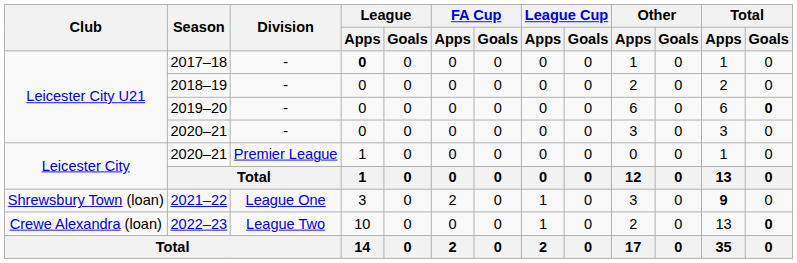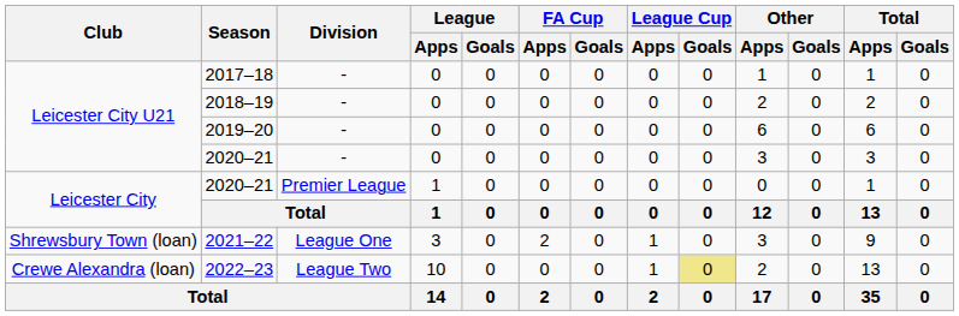 <table class="wikitable" style="text-align:center;">
 <tr>
 <th rowspan="2">Club</th>
 <th rowspan="2">Season</th>
 <th rowspan="2">Division</th>
 <th colspan="2">League</th>
 <th colspan="2"><a href='#'>FA Cup</a></th>
 <th colspan="2"><a href='#'>League Cup</a></th>
 <th colspan="2">Other</th>
 <th colspan="2">Total</th>
 </tr>
 <tr>
 <th>Apps</th>
 <th>Goals</th>
 <th>Apps</th>
 <th>Goals</th>
 <th>Apps</th>
 <th>Goals</th>
 <th>Apps</th>
 <th>Goals</th>
 <th>Apps</th>
 <th>Goals</th>
 </tr>
 <tr>
 <td rowspan="4"><a href='#'>Leicester City U21</a></td>
 <td>2017–18</td>
 <td>-</td>
-<td><strong>0</strong></td>
+<td>0</td>
 <td>0</td>
 <td>0</td>
 <td>0</td>
 <td>0</td>
 <td>0</td>
 <td>1</td>
 <td>0</td>
 <td>1</td>
 <td>0</td>
 </tr>
 <tr>
 <td>2018–19</td>
 <td>-</td>
 <td>0</td>
 <td>0</td>
 <td>0</td>
 <td>0</td>
 <td>0</td>
 <td>0</td>
 <td>2</td>
 <td>0</td>
 <td>2</td>
 <td>0</td>
 </tr>
 <tr>
 <td>2019–20</td>
 <td>-</td>
 <td>0</td>
 <td>0</td>
 <td>0</td>
 <td>0</td>
 <td>0</td>
 <td>0</td>
 <td>6</td>
 <td>0</td>
 <td>6</td>
-<td><strong>0</strong></td>
+<td>0</td>
 </tr>
 <tr>
 <td>2020–21</td>
 <td>-</td>
 <td>0</td>
 <td>0</td>
 <td>0</td>
 <td>0</td>
 <td>0</td>
 <td>0</td>
 <td>3</td>
 <td>0</td>
 <td>3</td>
 <td>0</td>
 </tr>
 <tr>
 <td rowspan="2"><a href='#'>Leicester City</a></td>
 <td>2020–21</td>
 <td><a href='#'>Premier League</a></td>
 <td>1</td>
 <td>0</td>
 <td>0</td>
 <td>0</td>
 <td>0</td>
 <td>0</td>
 <td>0</td>
 <td>0</td>
 <td>1</td>
 <td>0</td>
 </tr>
 <tr>
 <th colspan="2">Total</th>
 <th>1</th>
 <th>0</th>
 <th>0</th>
 <th>0</th>
 <th>0</th>
 <th>0</th>
 <th>12</th>
 <th>0</th>
 <th>13</th>
 <th>0</th>
 </tr>
 <tr>
 <td><a href='#'>Shrewsbury Town</a> (loan)</td>
 <td><a href='#'>2021–22</a></td>
 <td><a href='#'>League One</a></td>
 <td>3</td>
 <td>0</td>
 <td>2</td>
 <td>0</td>
 <td>1</td>
 <td>0</td>
 <td>3</td>
 <td>0</td>
-<td><strong>9</strong></td>
+<td>9</td>
 <td>0</td>
 </tr>
 <tr>
 <td><a href='#'>Crewe Alexandra</a> (loan)</td>
 <td><a href='#'>2022–23</a></td>
 <td><a href='#'>League Two</a></td>
 <td>10</td>
 <td>0</td>
 <td>0</td>
 <td>0</td>
 <td>1</td>
-<td>0</td>
+<td style="background: khaki;">0</td>
 <td>2</td>
 <td>0</td>
 <td>13</td>
-<td><strong>0</strong></td>
+<td>0</td>
 </tr>
 <tr>
 <th colspan="3">Total</th>
 <th>14</th>
 <th>0</th>
 <th>2</th>
 <th>0</th>
 <th>2</th>
 <th>0</th>
 <th>17</th>
 <th>0</th>
 <th>35</th>
 <th>0</th>
 </tr>
 </table>
